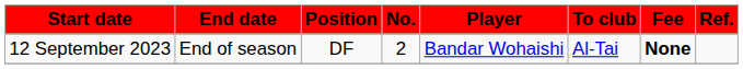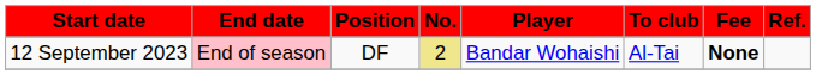 <table class="wikitable sortable">
 <tr>
 <th style="background:red; color:black;"><strong>Start date</strong></th>
 <th style="background:red; color:black;"><strong>End date</strong></th>
 <th style="background:red; color:black;"><strong>Position</strong></th>
 <th style="background:red; color:black;"><strong>No.</strong></th>
 <th style="background:red; color:black;"><strong>Player</strong></th>
 <th style="background:red; color:black;"><strong>To club</strong></th>
 <th style="background:red; color:black;"><strong>Fee</strong></th>
 <th style="background:red; color:black;"><strong>Ref.</strong></th>
 </tr>
 <tr>
 <td>12 September 2023</td>
-<td>End of season</td>
+<td style="background: pink;">End of season</td>
 <td style="text-align:center;">DF</td>
-<td style="text-align:center;">2</td>
+<td style="background: khaki; text-align:center;">2</td>
 <td style="text-align:left;"> <a href='#'>Bandar Wohaishi</a></td>
 <td style="text-align:left;"> <a href='#'>Al-Tai</a></td>
 <td><strong>None</strong></td>
 <td></td>
 </tr>
 <tr>
 </tr>
 </table>
